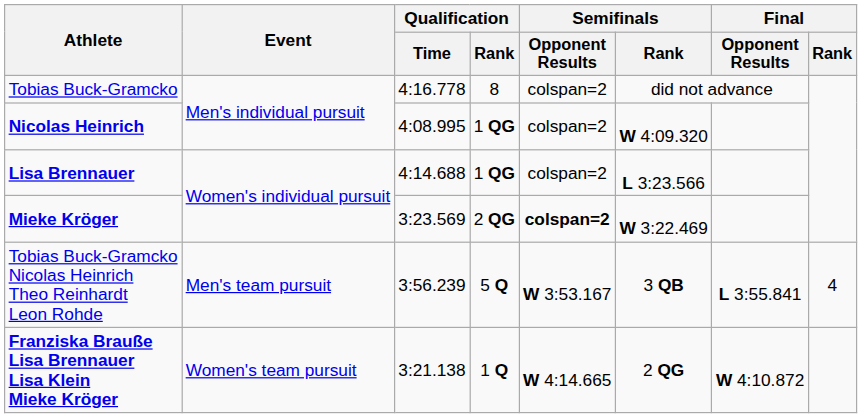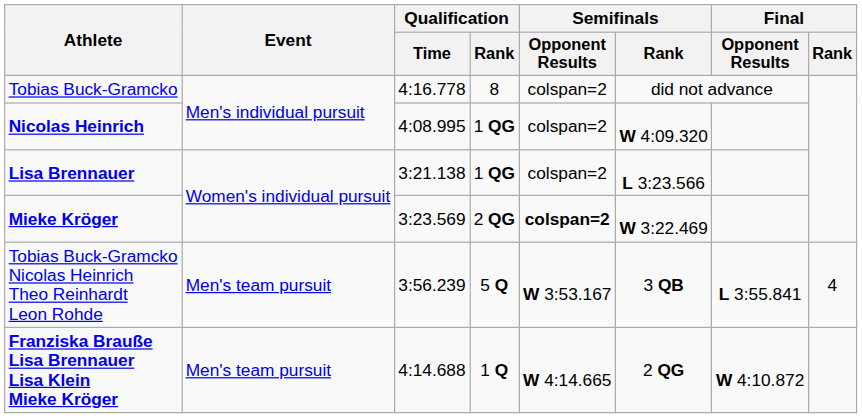 <table class="wikitable" style="font-size:90%">
 <tr>
 <th rowspan=2>Athlete</th>
 <th rowspan=2>Event</th>
 <th colspan=2>Qualification</th>
 <th colspan=2>Semifinals</th>
 <th colspan=2>Final</th>
 </tr>
 <tr style="font-size:95%">
 <th>Time</th>
 <th>Rank</th>
 <th>Opponent<br>Results</th>
 <th>Rank</th>
 <th>Opponent<br>Results</th>
 <th>Rank</th>
 </tr>
 <tr align=center>
 <td align=left><a href='#'>Tobias Buck-Gramcko</a></td>
 <td align=left rowspan=2><a href='#'>Men's individual pursuit</a></td>
 <td>4:16.778</td>
 <td>8</td>
 <td>colspan=2</td>
 <td colspan=2>did not advance</td>
 </tr>
 <tr align=center>
 <td align=left><strong><a href='#'>Nicolas Heinrich</a></strong></td>
 <td>4:08.995</td>
 <td>1 <strong>QG</strong></td>
 <td>colspan=2</td>
 <td><br><strong>W</strong> 4:09.320</td>
 <td></td>
 </tr>
 <tr align=center>
 <td align=left><strong><a href='#'>Lisa Brennauer</a></strong></td>
 <td align=left rowspan=2><a href='#'>Women's individual pursuit</a></td>
-<td>4:14.688</td>
+<td>3:21.138</td>
 <td>1 <strong>QG</strong></td>
 <td>colspan=2</td>
 <td><br><strong>L</strong> 3:23.566</td>
 <td></td>
 </tr>
 <tr align=center>
 <td align=left><strong><a href='#'>Mieke Kröger</a></strong></td>
 <td>3:23.569</td>
 <td>2 <strong>QG</strong></td>
 <td><strong>colspan=2</strong></td>
 <td><br><strong>W</strong> 3:22.469</td>
 <td></td>
 </tr>
 <tr align=center>
 <td align=left><a href='#'>Tobias Buck-Gramcko</a><br><a href='#'>Nicolas Heinrich</a><br><a href='#'>Theo Reinhardt</a><br><a href='#'>Leon Rohde</a></td>
 <td align=left><a href='#'>Men's team pursuit</a></td>
 <td>3:56.239</td>
 <td>5 <strong>Q</strong></td>
 <td><br><strong>W</strong> 3:53.167</td>
 <td>3 <strong>QB</strong></td>
 <td><br><strong>L</strong> 3:55.841</td>
 <td>4</td>
 </tr>
 <tr align=center>
 <td align=left><strong><a href='#'>Franziska Brauße</a><br><a href='#'>Lisa Brennauer</a><br><a href='#'>Lisa Klein</a><br><a href='#'>Mieke Kröger</a></strong></td>
-<td align=left><a href='#'>Women's team pursuit</a></td>
-<td>3:21.138</td>
+<td align=left><a href='#'>Men's team pursuit</a></td>
+<td>4:14.688</td>
 <td>1 <strong>Q</strong></td>
 <td><br><strong>W</strong> 4:14.665</td>
 <td>2 <strong>QG</strong></td>
 <td><br><strong>W</strong> 4:10.872</td>
 <td></td>
 </tr>
 </table>
